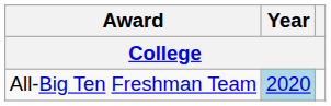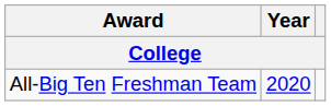 <table class="wikitable">
 <tr>
 <th>Award</th>
 <th>Year</th>
 <th></th>
 </tr>
 <tr>
 <th colspan="3"><a href='#'>College</a></th>
 </tr>
 <tr>
 <td>All-<a href='#'>Big Ten</a> <a href='#'>Freshman Team</a></td>
-<td style="background: lightblue;"><a href='#'>2020</a></td>
+<td><a href='#'>2020</a></td>
 <td></td>
 </tr>
 </table>
